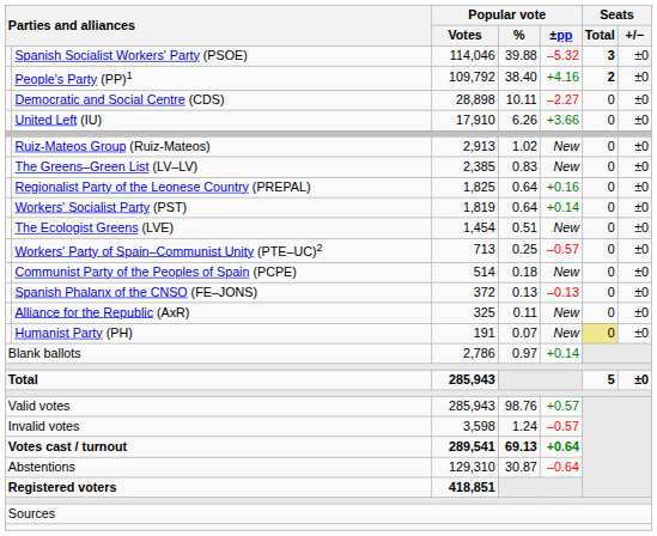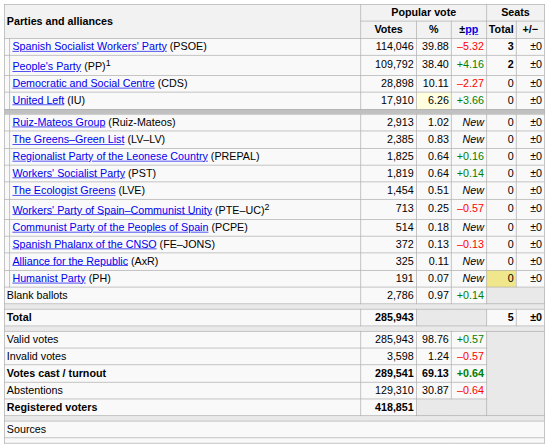 <table class="wikitable" style="text-align:right;">
 <tr>
 <th style="text-align:left;" rowspan="2" colspan="2" width="525">Parties and alliances</th>
 <th colspan="3">Popular vote</th>
 <th colspan="2">Seats</th>
 </tr>
 <tr>
 <th width="75">Votes</th>
 <th width="45">%</th>
 <th width="45">±<a href='#'>pp</a></th>
 <th width="35">Total</th>
 <th width="35">+/−</th>
 </tr>
 <tr>
 <td width="1" style="color:inherit;background:"></td>
 <td align="left"><a href='#'>Spanish Socialist Workers' Party</a> (PSOE)</td>
 <td>114,046</td>
 <td>39.88</td>
 <td style="color:red;">–5.32</td>
 <td><strong>3</strong></td>
 <td>±0</td>
 </tr>
 <tr>
 <td style="color:inherit;background:"></td>
 <td align="left"><a href='#'>People's Party</a> (PP)<sup>1</sup></td>
 <td>109,792</td>
 <td>38.40</td>
 <td style="color:green;">+4.16</td>
 <td><strong>2</strong></td>
 <td>±0</td>
 </tr>
 <tr>
 <td style="color:inherit;background:"></td>
 <td align="left"><a href='#'>Democratic and Social Centre</a> (CDS)</td>
 <td>28,898</td>
 <td>10.11</td>
 <td style="color:red;">–2.27</td>
 <td>0</td>
 <td>±0</td>
 </tr>
 <tr>
 <td style="color:inherit;background:"></td>
 <td align="left"><a href='#'>United Left</a> (IU)</td>
 <td>17,910</td>
-<td>6.26</td>
+<td style="background: lightyellow;">6.26</td>
 <td style="color:green;">+3.66</td>
 <td>0</td>
 <td>±0</td>
 </tr>
 <tr>
 <td colspan="7" bgcolor="#C0C0C0"></td>
 </tr>
 <tr>
 <td style="color:inherit;background:"></td>
 <td align="left"><a href='#'>Ruiz-Mateos Group</a> (Ruiz-Mateos)</td>
 <td>2,913</td>
 <td>1.02</td>
 <td><em>New</em></td>
 <td>0</td>
 <td>±0</td>
 </tr>
 <tr>
 <td style="color:inherit;background:"></td>
 <td align="left"><a href='#'>The Greens–Green List</a> (LV–LV)</td>
 <td>2,385</td>
 <td>0.83</td>
 <td><em>New</em></td>
 <td>0</td>
 <td>±0</td>
 </tr>
 <tr>
 <td style="color:inherit;background:"></td>
 <td align="left"><a href='#'>Regionalist Party of the Leonese Country</a> (PREPAL)</td>
 <td>1,825</td>
 <td>0.64</td>
 <td style="color:green;">+0.16</td>
 <td>0</td>
 <td>±0</td>
 </tr>
 <tr>
 <td style="color:inherit;background:"></td>
 <td align="left"><a href='#'>Workers' Socialist Party</a> (PST)</td>
 <td>1,819</td>
 <td>0.64</td>
 <td style="color:green;">+0.14</td>
 <td>0</td>
 <td>±0</td>
 </tr>
 <tr>
 <td style="color:inherit;background:"></td>
 <td align="left"><a href='#'>The Ecologist Greens</a> (LVE)</td>
 <td>1,454</td>
 <td>0.51</td>
 <td><em>New</em></td>
 <td>0</td>
 <td>±0</td>
 </tr>
 <tr>
 <td style="color:inherit;background:"></td>
 <td align="left"><a href='#'>Workers' Party of Spain–Communist Unity</a> (PTE–UC)<sup>2</sup></td>
 <td>713</td>
 <td>0.25</td>
 <td style="color:red;">–0.57</td>
 <td>0</td>
 <td>±0</td>
 </tr>
 <tr>
 <td style="color:inherit;background:"></td>
 <td align="left"><a href='#'>Communist Party of the Peoples of Spain</a> (PCPE)</td>
 <td>514</td>
 <td>0.18</td>
 <td><em>New</em></td>
 <td>0</td>
 <td>±0</td>
 </tr>
 <tr>
 <td style="color:inherit;background:"></td>
 <td align="left"><a href='#'>Spanish Phalanx of the CNSO</a> (FE–JONS)</td>
 <td>372</td>
 <td>0.13</td>
 <td style="color:red;">–0.13</td>
 <td>0</td>
 <td>±0</td>
 </tr>
 <tr>
 <td style="color:inherit;background:"></td>
 <td align="left"><a href='#'>Alliance for the Republic</a> (AxR)</td>
 <td>325</td>
 <td>0.11</td>
 <td><em>New</em></td>
 <td>0</td>
 <td>±0</td>
 </tr>
 <tr>
 <td style="color:inherit;background:"></td>
 <td align="left"><a href='#'>Humanist Party</a> (PH)</td>
 <td>191</td>
 <td>0.07</td>
 <td><em>New</em></td>
 <td style="background: khaki;">0</td>
 <td>±0</td>
 </tr>
 <tr>
 <td align="left" colspan="2">Blank ballots</td>
 <td>2,786</td>
 <td>0.97</td>
 <td style="color:green;">+0.14</td>
 <td bgcolor="#E9E9E9" colspan="2"></td>
 </tr>
 <tr>
 <td colspan="7" bgcolor="#E9E9E9"></td>
 </tr>
 <tr style="font-weight:bold;">
 <td align="left" colspan="2">Total</td>
 <td>285,943</td>
 <td bgcolor="#E9E9E9" colspan="2"></td>
 <td>5</td>
 <td>±0</td>
 </tr>
 <tr>
 <td colspan="7" bgcolor="#E9E9E9"></td>
 </tr>
 <tr>
 <td align="left" colspan="2">Valid votes</td>
 <td>285,943</td>
 <td>98.76</td>
 <td style="color:green;">+0.57</td>
 <td bgcolor="#E9E9E9" colspan="2" rowspan="5"></td>
 </tr>
 <tr>
 <td align="left" colspan="2">Invalid votes</td>
 <td>3,598</td>
 <td>1.24</td>
 <td style="color:red;">–0.57</td>
 </tr>
 <tr style="font-weight:bold;">
 <td align="left" colspan="2">Votes cast / turnout</td>
 <td>289,541</td>
 <td>69.13</td>
 <td style="color:green;">+0.64</td>
 </tr>
 <tr>
 <td align="left" colspan="2">Abstentions</td>
 <td>129,310</td>
 <td>30.87</td>
 <td style="color:red;">–0.64</td>
 </tr>
 <tr style="font-weight:bold;">
 <td align="left" colspan="2">Registered voters</td>
 <td>418,851</td>
 <td bgcolor="#E9E9E9" colspan="2"></td>
 </tr>
 <tr>
 <td colspan="7" bgcolor="#E9E9E9"></td>
 </tr>
 <tr>
 <td align="left" colspan="7">Sources</td>
 </tr>
 <tr>
 <td colspan="7" style="text-align:left; max-width:790px;"></td>
 </tr>
 </table>
